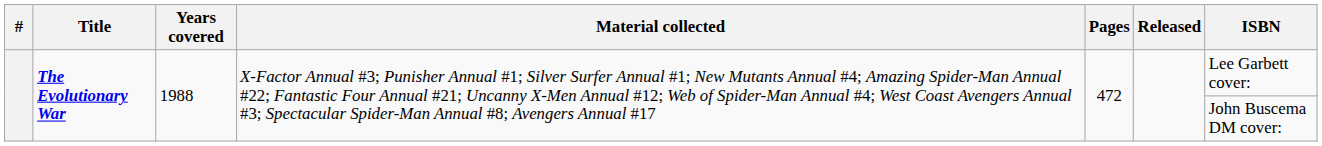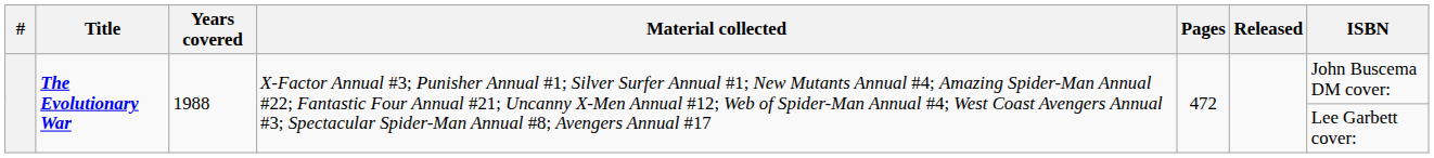 <table class="wikitable sortable" width="99%">
 <tr>
 <th class="unsortable" width="20px">#</th>
 <th>Title</th>
 <th>Years covered</th>
 <th class="unsortable">Material collected</th>
 <th>Pages</th>
 <th>Released</th>
 <th class="unsortable">ISBN</th>
 </tr>
 <tr>
 <th rowspan="2" style="background-color: light grey;"></th>
 <td rowspan="2"><strong><em><a href='#'>The Evolutionary War</a></em></strong></td>
 <td rowspan="2">1988</td>
 <td rowspan="2"><em>X-Factor Annual</em> #3; <em>Punisher Annual</em> #1; <em>Silver Surfer Annual</em>  #1; <em>New Mutants Annual</em> #4; <em>Amazing Spider-Man Annual</em> #22; <em>Fantastic Four Annual</em> #21; <em>Uncanny X-Men Annual</em> #12; <em>Web of Spider-Man Annual</em> #4; <em>West Coast Avengers Annual</em> #3; <em>Spectacular Spider-Man Annual</em> #8; <em>Avengers Annual</em> #17</td>
 <td rowspan="2" style="text-align: center;">472</td>
 <td rowspan="2"></td>
+<td>John Buscema DM cover: </td>
+</tr>
+<tr>
 <td>Lee Garbett cover: </td>
 </tr>
-<tr>
-<td>John Buscema DM cover: </td>
-</tr>
 </table>
